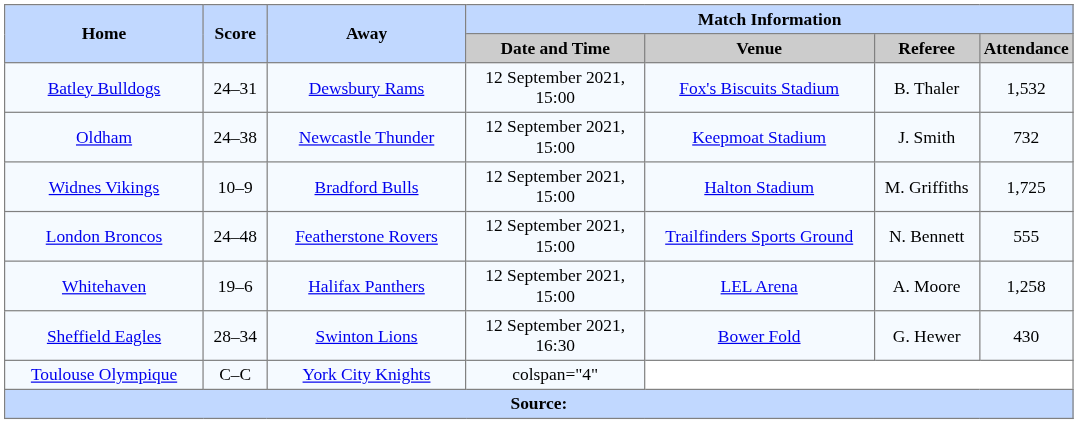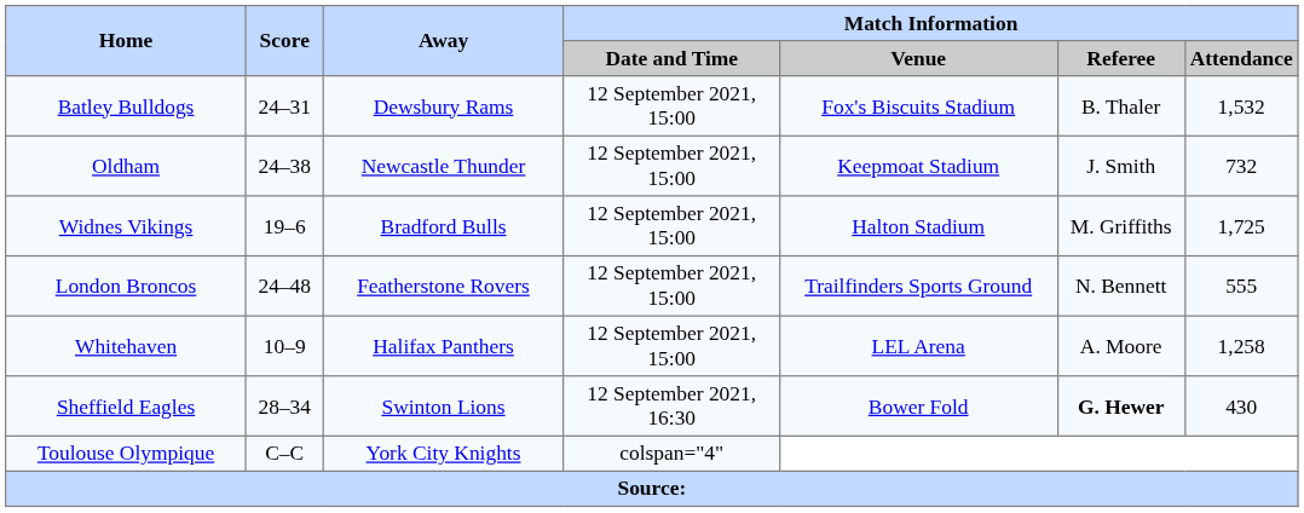 <table border=1 style="border-collapse:collapse; font-size:90%; text-align:center;" cellpadding=3 cellspacing=0 width=100%>
 <tr style="background:#c1d8ff;">
 <th scope="col" rowspan=2 width=19%>Home</th>
 <th scope="col" rowspan=2 width=6%>Score</th>
 <th scope="col" rowspan=2 width=19%>Away</th>
 <th colspan=6>Match Information</th>
 </tr>
 <tr style="background:#cccccc;">
 <th scope="col" width=17%>Date and Time</th>
 <th scope="col" width=22%>Venue</th>
 <th scope="col" width=10%>Referee</th>
 <th scope="col" width=7%>Attendance</th>
 </tr>
 <tr style="background:#f5faff;">
 <td> <a href='#'>Batley Bulldogs</a></td>
 <td>24–31</td>
 <td> <a href='#'>Dewsbury Rams</a></td>
 <td>12 September 2021, 15:00</td>
 <td><a href='#'>Fox's Biscuits Stadium</a></td>
 <td>B. Thaler</td>
 <td>1,532</td>
 </tr>
 <tr style="background:#f5faff;">
 <td> <a href='#'>Oldham</a></td>
 <td>24–38</td>
 <td> <a href='#'>Newcastle Thunder</a></td>
 <td>12 September 2021, 15:00</td>
 <td><a href='#'>Keepmoat Stadium</a></td>
 <td>J. Smith</td>
 <td>732</td>
 </tr>
 <tr style="background:#f5faff;">
 <td> <a href='#'>Widnes Vikings</a></td>
-<td>10–9</td>
+<td>19–6</td>
 <td> <a href='#'>Bradford Bulls</a></td>
 <td>12 September 2021, 15:00</td>
 <td><a href='#'>Halton Stadium</a></td>
 <td>M. Griffiths</td>
 <td>1,725</td>
 </tr>
 <tr style="background:#f5faff;">
 <td> <a href='#'>London Broncos</a></td>
 <td>24–48</td>
 <td> <a href='#'>Featherstone Rovers</a></td>
 <td>12 September 2021, 15:00</td>
 <td><a href='#'>Trailfinders Sports Ground</a></td>
 <td>N. Bennett</td>
 <td>555</td>
 </tr>
 <tr style="background:#f5faff;">
 <td> <a href='#'>Whitehaven</a></td>
-<td>19–6</td>
+<td>10–9</td>
 <td> <a href='#'>Halifax Panthers</a></td>
 <td>12 September 2021, 15:00</td>
 <td><a href='#'>LEL Arena</a></td>
 <td>A. Moore</td>
 <td>1,258</td>
 </tr>
 <tr style="background:#f5faff;">
 <td> <a href='#'>Sheffield Eagles</a></td>
 <td>28–34</td>
 <td> <a href='#'>Swinton Lions</a></td>
 <td>12 September 2021, 16:30</td>
 <td><a href='#'>Bower Fold</a></td>
-<td>G. Hewer</td>
+<td><strong>G. Hewer</strong></td>
 <td>430</td>
 </tr>
 <tr style="background:#f5faff;">
 <td> <a href='#'>Toulouse Olympique</a></td>
 <td>C–C</td>
 <td> <a href='#'>York City Knights</a></td>
 <td>colspan="4" </td>
 </tr>
 <tr style="background:#c1d8ff;">
 <th colspan=7>Source:</th>
 </tr>
 </table>
